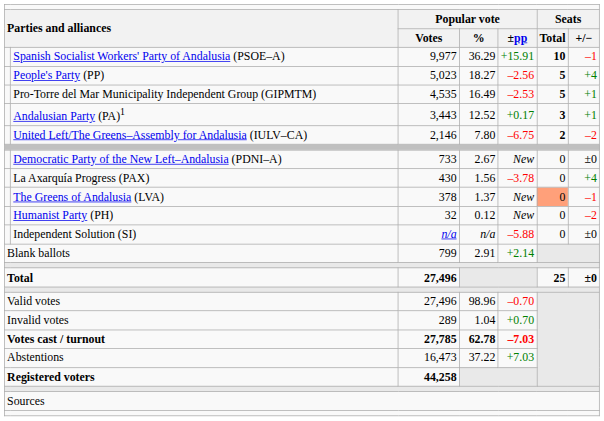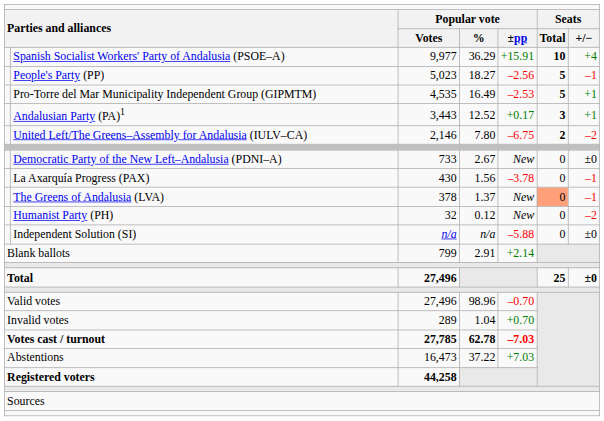 <table class="wikitable" style="text-align:right;">
 <tr>
 <td colspan="7"></td>
 </tr>
 <tr>
 <th style="text-align:left;" rowspan="2" colspan="2" width="525">Parties and alliances</th>
 <th colspan="3">Popular vote</th>
 <th colspan="2">Seats</th>
 </tr>
 <tr>
 <th width="75">Votes</th>
 <th width="45">%</th>
 <th width="45">±<a href='#'>pp</a></th>
 <th width="35">Total</th>
 <th width="35">+/−</th>
 </tr>
 <tr>
 <td width="1" style="color:inherit;background:"></td>
 <td align="left"><a href='#'>Spanish Socialist Workers' Party of Andalusia</a> (PSOE–A)</td>
 <td>9,977</td>
 <td>36.29</td>
 <td style="color:green;">+15.91</td>
 <td><strong>10</strong></td>
-<td style="color:red;">–1</td>
+<td style="color:green;">+4</td>
 </tr>
 <tr>
 <td style="color:inherit;background:"></td>
 <td align="left"><a href='#'>People's Party</a> (PP)</td>
 <td>5,023</td>
 <td>18.27</td>
 <td style="color:red;">–2.56</td>
 <td><strong>5</strong></td>
-<td style="color:green;">+4</td>
+<td style="color:red;">–1</td>
 </tr>
 <tr>
 <td style="color:inherit;background:"></td>
 <td align="left">Pro-Torre del Mar Municipality Independent Group (GIPMTM)</td>
 <td>4,535</td>
 <td>16.49</td>
 <td style="color:red;">–2.53</td>
 <td><strong>5</strong></td>
 <td style="color:green;">+1</td>
 </tr>
 <tr>
 <td style="color:inherit;background:"></td>
 <td align="left"><a href='#'>Andalusian Party</a> (PA)<sup>1</sup></td>
 <td>3,443</td>
 <td>12.52</td>
 <td style="color:green;">+0.17</td>
 <td><strong>3</strong></td>
 <td style="color:green;">+1</td>
 </tr>
 <tr>
 <td style="color:inherit;background:"></td>
 <td align="left"><a href='#'>United Left/The Greens–Assembly for Andalusia</a> (IULV–CA)</td>
 <td>2,146</td>
 <td>7.80</td>
 <td style="color:red;">–6.75</td>
 <td><strong>2</strong></td>
 <td style="color:red;">–2</td>
 </tr>
 <tr>
 <td colspan="7" bgcolor="#C0C0C0"></td>
 </tr>
 <tr>
 <td style="color:inherit;background:"></td>
 <td align="left"><a href='#'>Democratic Party of the New Left–Andalusia</a> (PDNI–A)</td>
 <td>733</td>
 <td>2.67</td>
 <td><em>New</em></td>
 <td>0</td>
 <td>±0</td>
 </tr>
 <tr>
 <td style="color:inherit;background:"></td>
 <td align="left">La Axarquía Progress (PAX)</td>
 <td>430</td>
 <td>1.56</td>
 <td style="color:red;">–3.78</td>
 <td>0</td>
-<td style="color:green;">+4</td>
+<td style="color:red;">–1</td>
 </tr>
 <tr>
 <td style="color:inherit;background:"></td>
 <td align="left"><a href='#'>The Greens of Andalusia</a> (LVA)</td>
 <td>378</td>
 <td>1.37</td>
 <td><em>New</em></td>
 <td style="background: lightsalmon;">0</td>
 <td style="color:red;">–1</td>
 </tr>
 <tr>
 <td style="color:inherit;background:"></td>
 <td align="left"><a href='#'>Humanist Party</a> (PH)</td>
 <td>32</td>
 <td>0.12</td>
 <td><em>New</em></td>
 <td>0</td>
 <td style="color:red;">–2</td>
 </tr>
 <tr>
 <td style="color:inherit;background:"></td>
 <td align="left">Independent Solution (SI)</td>
 <td><em><a href='#'>n/a</a></em></td>
 <td><em>n/a</em></td>
 <td style="color:red;">–5.88</td>
 <td>0</td>
 <td>±0</td>
 </tr>
 <tr>
 <td align="left" colspan="2">Blank ballots</td>
 <td>799</td>
 <td>2.91</td>
 <td style="color:green;">+2.14</td>
 <td bgcolor="#E9E9E9" colspan="2"></td>
 </tr>
 <tr>
 <td colspan="7" bgcolor="#E9E9E9"></td>
 </tr>
 <tr style="font-weight:bold;">
 <td align="left" colspan="2">Total</td>
 <td>27,496</td>
 <td bgcolor="#E9E9E9" colspan="2"></td>
 <td>25</td>
 <td>±0</td>
 </tr>
 <tr>
 <td colspan="7" bgcolor="#E9E9E9"></td>
 </tr>
 <tr>
 <td align="left" colspan="2">Valid votes</td>
 <td>27,496</td>
 <td>98.96</td>
 <td style="color:red;">–0.70</td>
 <td bgcolor="#E9E9E9" colspan="2" rowspan="5"></td>
 </tr>
 <tr>
 <td align="left" colspan="2">Invalid votes</td>
 <td>289</td>
 <td>1.04</td>
 <td style="color:green;">+0.70</td>
 </tr>
 <tr style="font-weight:bold;">
 <td align="left" colspan="2">Votes cast / turnout</td>
 <td>27,785</td>
 <td>62.78</td>
 <td style="color:red;">–7.03</td>
 </tr>
 <tr>
 <td align="left" colspan="2">Abstentions</td>
 <td>16,473</td>
 <td>37.22</td>
 <td style="color:green;">+7.03</td>
 </tr>
 <tr style="font-weight:bold;">
 <td align="left" colspan="2">Registered voters</td>
 <td>44,258</td>
 <td bgcolor="#E9E9E9" colspan="2"></td>
 </tr>
 <tr>
 <td colspan="7" bgcolor="#E9E9E9"></td>
 </tr>
 <tr>
 <td align="left" colspan="7">Sources</td>
 </tr>
 <tr>
 <td colspan="7" style="text-align:left; max-width:790px;"></td>
 </tr>
 </table>
